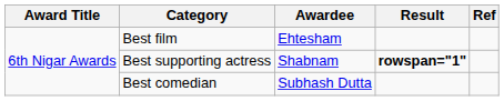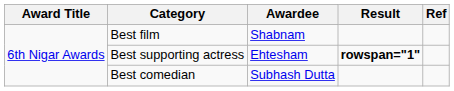 <table class="wikitable">
 <tr>
 <th>Award Title</th>
 <th>Category</th>
 <th>Awardee</th>
 <th>Result</th>
 <th>Ref</th>
 </tr>
 <tr>
 <td rowspan="3"><a href='#'>6th Nigar Awards</a></td>
 <td>Best film</td>
-<td><a href='#'>Ehtesham</a></td>
+<td rowspan="1"><a href='#'>Shabnam</a></td>
 <td></td>
 <td></td>
 </tr>
 <tr>
 <td>Best supporting actress</td>
-<td rowspan="1"><a href='#'>Shabnam</a></td>
+<td><a href='#'>Ehtesham</a></td>
 <td><strong>rowspan="1" </strong></td>
 <td></td>
 </tr>
 <tr>
 <td>Best comedian</td>
 <td><a href='#'>Subhash Dutta</a></td>
 <td></td>
 <td></td>
 </tr>
 </table>
